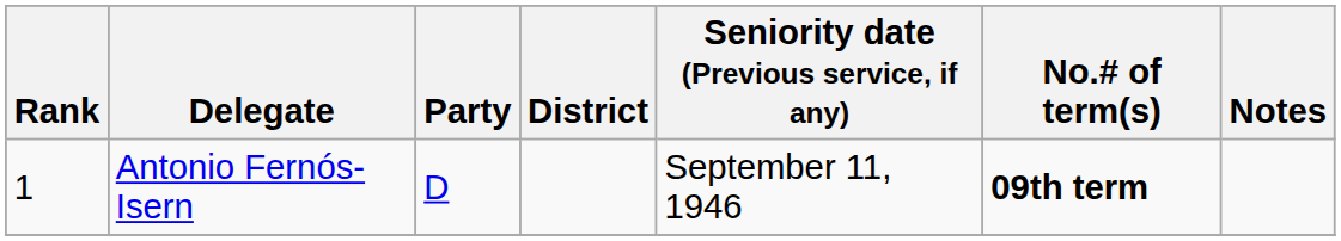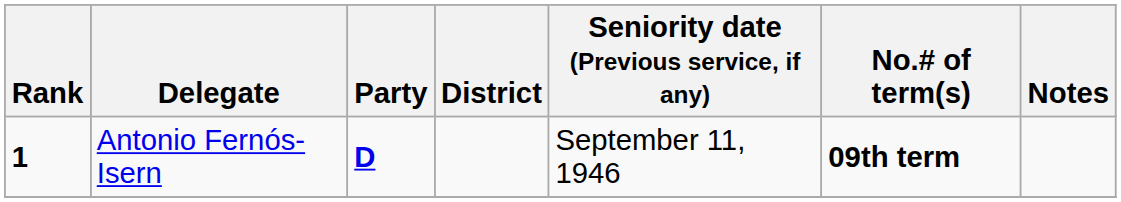 <table class="wikitable sortable">
 <tr valign=bottom>
 <th>Rank</th>
 <th>Delegate</th>
 <th>Party</th>
 <th>District</th>
 <th>Seniority date<br><small>(Previous service, if any)</small><br></th>
 <th>No.# of term(s)</th>
 <th>Notes</th>
 </tr>
 <tr>
-<td>1</td>
+<td><strong>1</strong></td>
 <td><a href='#'>Antonio Fernós-Isern</a></td>
-<td><a href='#'>D</a></td>
+<td><strong><a href='#'>D</a></strong></td>
 <td></td>
 <td>September 11, 1946</td>
 <td><strong>09th term</strong></td>
 <td></td>
 </tr>
 <tr>
 </tr>
 </table>
